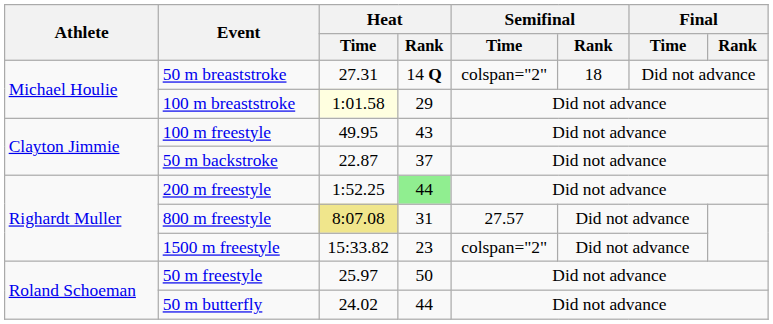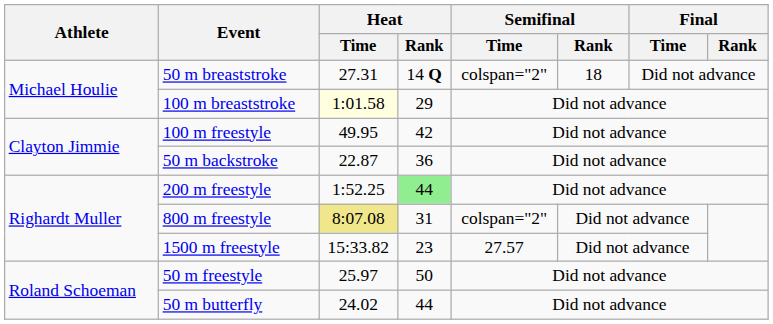 <table class="wikitable" style="text-align:center; font-size:90%; width:50%;">
 <tr>
 <th rowspan="2">Athlete</th>
 <th rowspan="2">Event</th>
 <th colspan="2">Heat</th>
 <th colspan="2">Semifinal</th>
 <th colspan="2">Final</th>
 </tr>
 <tr style="font-size:95%">
 <th>Time</th>
 <th>Rank</th>
 <th>Time</th>
 <th>Rank</th>
 <th>Time</th>
 <th>Rank</th>
 </tr>
 <tr>
 <td align=left rowspan=2><a href='#'>Michael Houlie</a></td>
 <td align=left><a href='#'>50 m breaststroke</a></td>
 <td>27.31</td>
 <td>14 <strong>Q</strong></td>
 <td>colspan="2" </td>
 <td>18</td>
 <td colspan="2">Did not advance</td>
 </tr>
 <tr>
 <td align=left><a href='#'>100 m breaststroke</a></td>
 <td style="background: lightyellow;">1:01.58</td>
 <td>29</td>
 <td colspan=4>Did not advance</td>
 </tr>
 <tr>
 <td align=left rowspan=2><a href='#'>Clayton Jimmie</a></td>
 <td align=left><a href='#'>100 m freestyle</a></td>
 <td>49.95</td>
-<td>43</td>
+<td>42</td>
 <td colspan=4>Did not advance</td>
 </tr>
 <tr>
 <td align=left><a href='#'>50 m backstroke</a></td>
 <td>22.87</td>
-<td>37</td>
+<td>36</td>
 <td colspan=4>Did not advance</td>
 </tr>
 <tr>
 <td align=left rowspan=3><a href='#'>Righardt Muller</a></td>
 <td align=left><a href='#'>200 m freestyle</a></td>
 <td>1:52.25</td>
 <td style="background: lightgreen;">44</td>
 <td colspan=4>Did not advance</td>
 </tr>
 <tr>
 <td align=left><a href='#'>800 m freestyle</a></td>
 <td style="background: khaki;">8:07.08</td>
 <td>31</td>
-<td>27.57</td>
+<td>colspan="2" </td>
 <td colspan="2">Did not advance</td>
 </tr>
 <tr>
 <td align=left><a href='#'>1500 m freestyle</a></td>
 <td>15:33.82</td>
 <td>23</td>
-<td>colspan="2" </td>
+<td>27.57</td>
 <td colspan="2">Did not advance</td>
 </tr>
 <tr>
 <td align=left rowspan=2><a href='#'>Roland Schoeman</a></td>
 <td align=left><a href='#'>50 m freestyle</a></td>
 <td>25.97</td>
 <td>50</td>
 <td colspan=4>Did not advance</td>
 </tr>
 <tr>
 <td align=left><a href='#'>50 m butterfly</a></td>
 <td>24.02</td>
 <td>44</td>
 <td colspan=4>Did not advance</td>
 </tr>
 </table>
